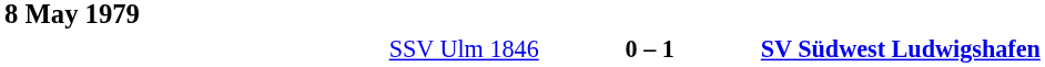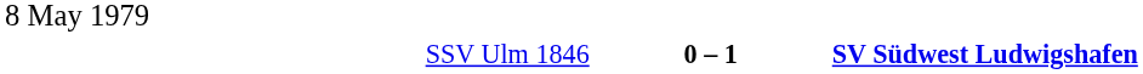 <table style="width:100%;" cellspacing="1">
 <tr>
 <th width=25%></th>
 <th width=10%></th>
 <th width=25%></th>
 <th></th>
 </tr>
 <tr>
-<td><strong>8 May 1979</strong></td>
+<td>8 May 1979</td>
 </tr>
 <tr style=font-size:90%>
 <td align=right><a href='#'>SSV Ulm 1846</a></td>
 <td align=center><strong>0 – 1</strong></td>
 <td><strong><a href='#'>SV Südwest Ludwigshafen</a></strong></td>
 </tr>
 </table>
